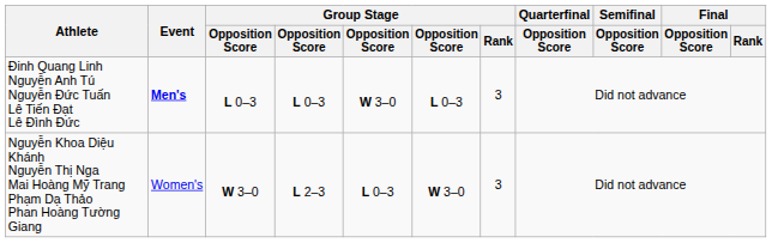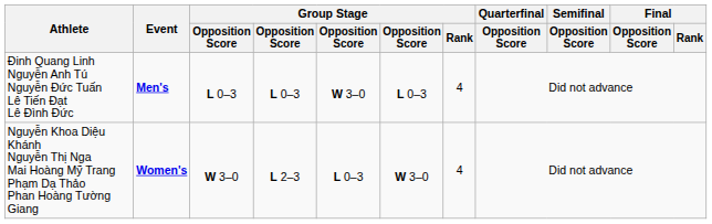 <table class=wikitable style=font-size:90%;text-align:center>
 <tr>
 <th rowspan="2">Athlete</th>
 <th rowspan="2">Event</th>
 <th colspan="5">Group Stage</th>
 <th>Quarterfinal</th>
 <th>Semifinal</th>
 <th colspan="2">Final</th>
 </tr>
 <tr style="font-size:95%">
 <th>Opposition<br>Score</th>
 <th>Opposition<br>Score</th>
 <th>Opposition<br>Score</th>
 <th>Opposition<br>Score</th>
 <th>Rank</th>
 <th>Opposition<br>Score</th>
 <th>Opposition<br>Score</th>
 <th>Opposition<br>Score</th>
 <th>Rank</th>
 </tr>
 <tr>
 <td align=left>Đinh Quang Linh<br>Nguyễn Anh Tú<br>Nguyễn Đức Tuấn<br>Lê Tiến Đạt<br>Lê Đình Đức</td>
 <td align=left><strong><a href='#'>Men's</a></strong></td>
 <td><br><strong>L</strong> 0–3</td>
 <td><br><strong>L</strong> 0–3</td>
 <td><br><strong>W</strong> 3–0</td>
 <td><br><strong>L</strong> 0–3</td>
-<td>3</td>
+<td>4</td>
 <td colspan=4>Did not advance</td>
 </tr>
 <tr>
 <td align=left>Nguyễn Khoa Diệu Khánh<br>Nguyễn Thị Nga<br>Mai Hoàng Mỹ Trang<br>Phạm Dạ Thảo<br>Phan Hoàng Tường Giang</td>
-<td align=left><a href='#'>Women's</a></td>
+<td align=left><strong><a href='#'>Women's</a></strong></td>
 <td><br><strong>W</strong> 3–0</td>
 <td><br><strong>L</strong> 2–3</td>
 <td><br><strong>L</strong> 0–3</td>
 <td><br><strong>W</strong> 3–0</td>
-<td>3</td>
+<td>4</td>
 <td colspan=4>Did not advance</td>
 </tr>
 </table>
